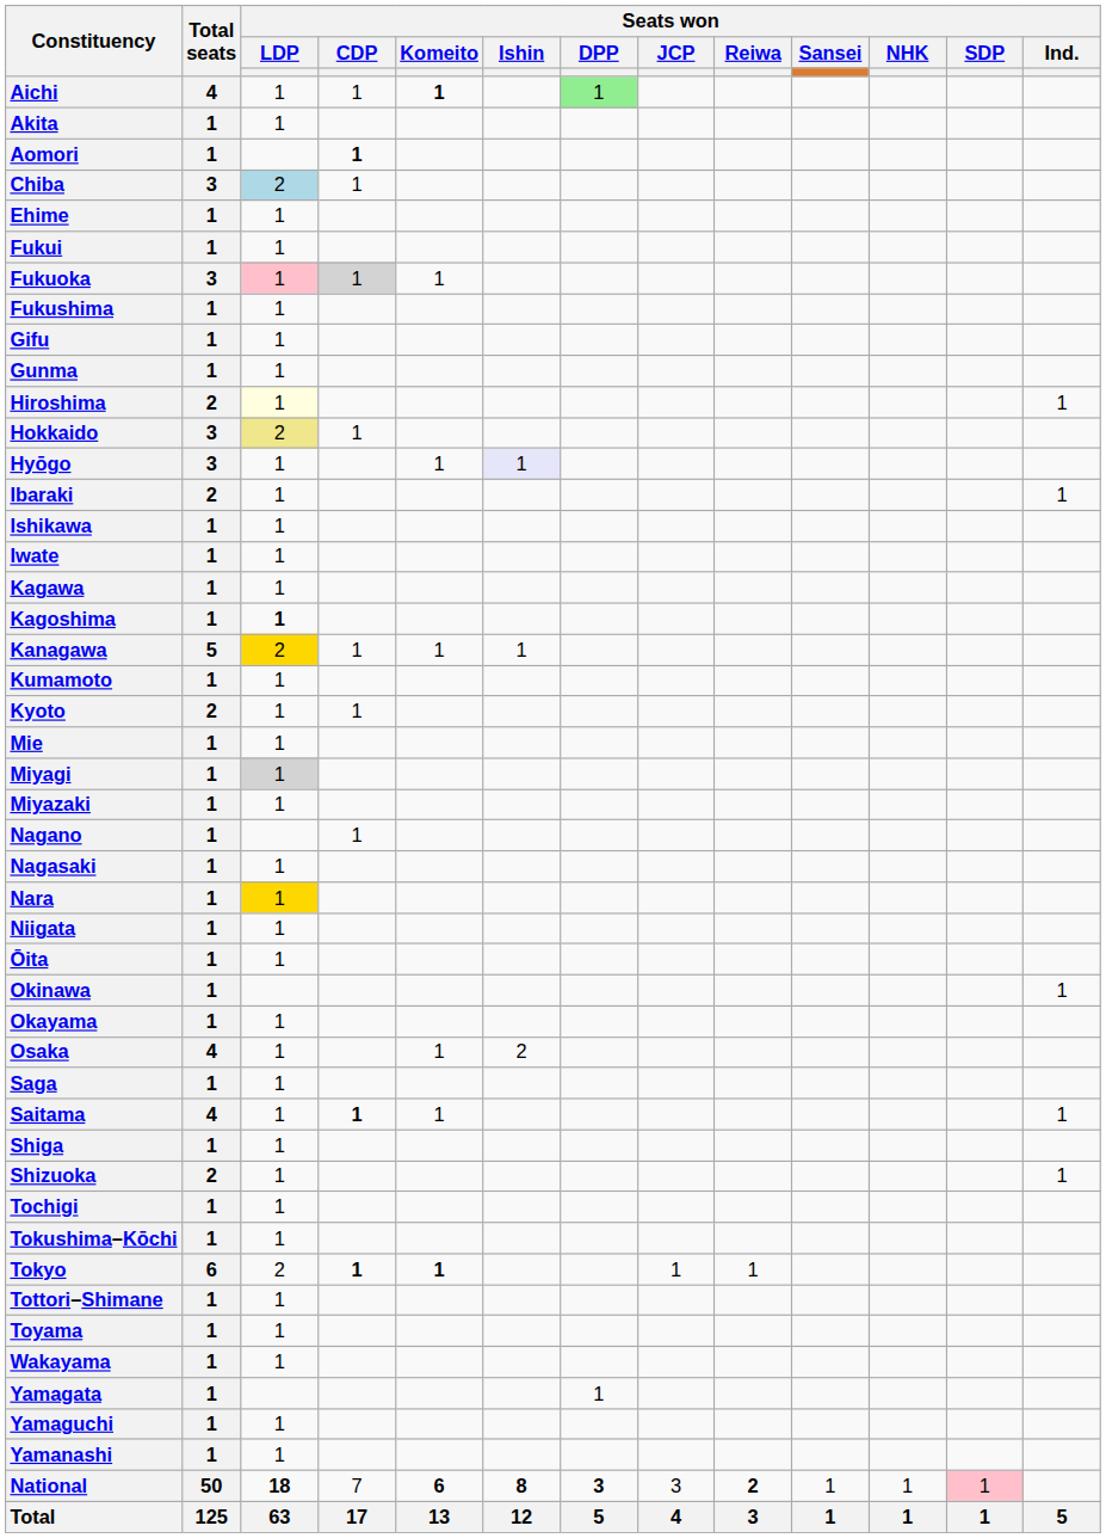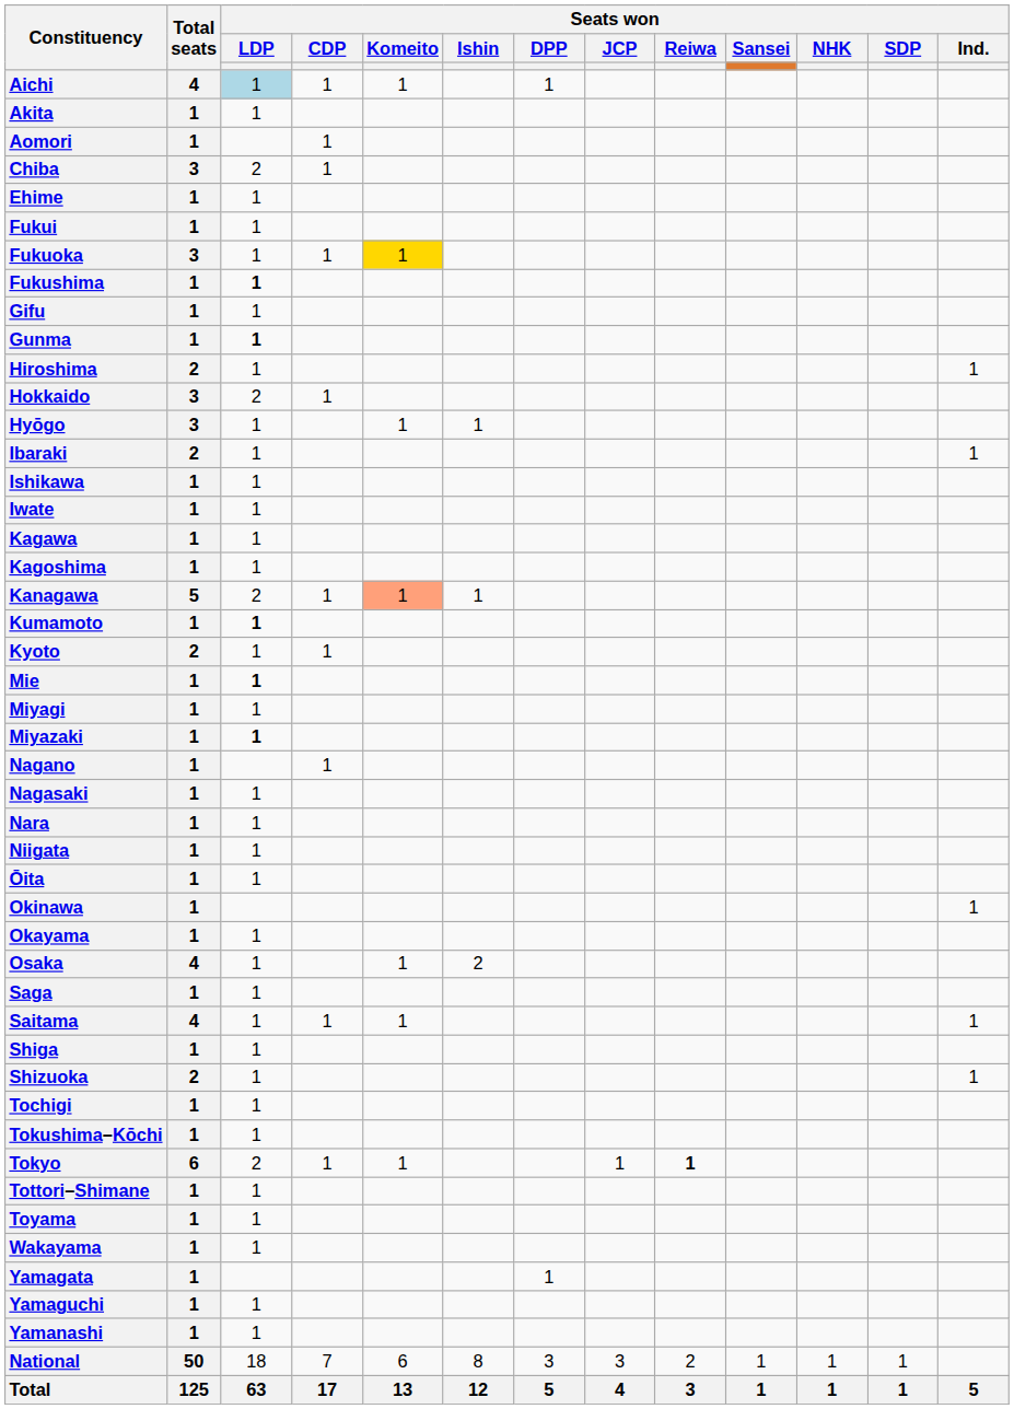 <table class="wikitable" style="text-align:center; font-size: 0.9em;">
 <tr>
 <th rowspan="3">Constituency</th>
 <th rowspan="3">Total<br>seats</th>
 <th colspan="11">Seats won</th>
 </tr>
 <tr>
 <th class="unsortable" style="width:50px;"><a href='#'>LDP</a></th>
 <th class="unsortable" style="width:50px;"><a href='#'>CDP</a></th>
 <th class="unsortable" style="width:50px;"><a href='#'>Komeito</a></th>
 <th class="unsortable" style="width:50px;"><a href='#'>Ishin</a></th>
 <th class="unsortable" style="width:50px;"><a href='#'>DPP</a></th>
 <th class="unsortable" style="width:50px;"><a href='#'>JCP</a></th>
 <th class="unsortable" style="width:50px;"><a href='#'>Reiwa</a></th>
 <th class="unsortable" style="width:50px;"><a href='#'>Sansei</a></th>
 <th class="unsortable" style="width:50px;"><a href='#'>NHK</a></th>
 <th class="unsortable" style="width:50px;"><a href='#'>SDP</a></th>
 <th class="unsortable" style="width:50px;">Ind.</th>
 </tr>
 <tr>
 <th style="background:"></th>
 <th style="background:"></th>
 <th style="background:"></th>
 <th style="background:"></th>
 <th style="background:"></th>
 <th style="background:"></th>
 <th style="background:"></th>
 <th style="background-color:#df792e"></th>
 <th style="background:"></th>
 <th style="background:"></th>
 <th style="background:"></th>
 </tr>
 <tr>
 <th style="text-align: left;"><a href='#'>Aichi</a></th>
 <th>4</th>
+<td style="background: lightblue;">1</td>
 <td>1</td>
 <td>1</td>
-<td><strong>1</strong></td>
 <td></td>
-<td style="background: lightgreen;">1</td>
+<td>1</td>
 <td></td>
 <td></td>
 <td></td>
 <td></td>
 <td></td>
 <td></td>
 </tr>
 <tr>
 <th style="text-align: left;"><a href='#'>Akita</a></th>
 <th>1</th>
 <td>1</td>
 <td></td>
 <td></td>
 <td></td>
 <td></td>
 <td></td>
 <td></td>
 <td></td>
 <td></td>
 <td></td>
 <td></td>
 </tr>
 <tr>
 <th style="text-align: left;"><a href='#'>Aomori</a></th>
 <th>1</th>
 <td></td>
-<td><strong>1</strong></td>
+<td>1</td>
 <td></td>
 <td></td>
 <td></td>
 <td></td>
 <td></td>
 <td></td>
 <td></td>
 <td></td>
 <td></td>
 </tr>
 <tr>
 <th style="text-align: left;"><a href='#'>Chiba</a></th>
 <th>3</th>
-<td style="background: lightblue;">2</td>
+<td>2</td>
 <td>1</td>
 <td></td>
 <td></td>
 <td></td>
 <td></td>
 <td></td>
 <td></td>
 <td></td>
 <td></td>
 <td></td>
 </tr>
 <tr>
 <th style="text-align: left;"><a href='#'>Ehime</a></th>
 <th>1</th>
 <td>1</td>
 <td></td>
 <td></td>
 <td></td>
 <td></td>
 <td></td>
 <td></td>
 <td></td>
 <td></td>
 <td></td>
 <td></td>
 </tr>
 <tr>
 <th style="text-align: left;"><a href='#'>Fukui</a></th>
 <th>1</th>
 <td>1</td>
 <td></td>
 <td></td>
 <td></td>
 <td></td>
 <td></td>
 <td></td>
 <td></td>
 <td></td>
 <td></td>
 <td></td>
 </tr>
 <tr>
 <th style="text-align: left;"><a href='#'>Fukuoka</a></th>
 <th>3</th>
-<td style="background: pink;">1</td>
-<td style="background: lightgrey;">1</td>
 <td>1</td>
+<td>1</td>
+<td style="background: gold;">1</td>
 <td></td>
 <td></td>
 <td></td>
 <td></td>
 <td></td>
 <td></td>
 <td></td>
 <td></td>
 </tr>
 <tr>
 <th style="text-align: left;"><a href='#'>Fukushima</a></th>
 <th>1</th>
-<td>1</td>
+<td><strong>1</strong></td>
 <td></td>
 <td></td>
 <td></td>
 <td></td>
 <td></td>
 <td></td>
 <td></td>
 <td></td>
 <td></td>
 <td></td>
 </tr>
 <tr>
 <th style="text-align: left;"><a href='#'>Gifu</a></th>
 <th>1</th>
 <td>1</td>
 <td></td>
 <td></td>
 <td></td>
 <td></td>
 <td></td>
 <td></td>
 <td></td>
 <td></td>
 <td></td>
 <td></td>
 </tr>
 <tr>
 <th style="text-align: left;"><a href='#'>Gunma</a></th>
 <th>1</th>
-<td>1</td>
+<td><strong>1</strong></td>
 <td></td>
 <td></td>
 <td></td>
 <td></td>
 <td></td>
 <td></td>
 <td></td>
 <td></td>
 <td></td>
 <td></td>
 </tr>
 <tr>
 <th style="text-align: left;"><a href='#'>Hiroshima</a></th>
 <th>2</th>
-<td style="background: lightyellow;">1</td>
+<td>1</td>
 <td></td>
 <td></td>
 <td></td>
 <td></td>
 <td></td>
 <td></td>
 <td></td>
 <td></td>
 <td></td>
 <td>1</td>
 </tr>
 <tr>
 <th style="text-align: left;"><a href='#'>Hokkaido</a></th>
 <th>3</th>
-<td style="background: khaki;">2</td>
+<td>2</td>
 <td>1</td>
 <td></td>
 <td></td>
 <td></td>
 <td></td>
 <td></td>
 <td></td>
 <td></td>
 <td></td>
 <td></td>
 </tr>
 <tr>
 <th style="text-align: left;"><a href='#'>Hyōgo</a></th>
 <th>3</th>
 <td>1</td>
 <td></td>
 <td>1</td>
-<td style="background: lavender;">1</td>
+<td>1</td>
 <td></td>
 <td></td>
 <td></td>
 <td></td>
 <td></td>
 <td></td>
 <td></td>
 </tr>
 <tr>
 <th style="text-align: left;"><a href='#'>Ibaraki</a></th>
 <th>2</th>
 <td>1</td>
 <td></td>
 <td></td>
 <td></td>
 <td></td>
 <td></td>
 <td></td>
 <td></td>
 <td></td>
 <td></td>
 <td>1</td>
 </tr>
 <tr>
 <th style="text-align: left;"><a href='#'>Ishikawa</a></th>
 <th>1</th>
 <td>1</td>
 <td></td>
 <td></td>
 <td></td>
 <td></td>
 <td></td>
 <td></td>
 <td></td>
 <td></td>
 <td></td>
 <td></td>
 </tr>
 <tr>
 <th style="text-align: left;"><a href='#'>Iwate</a></th>
 <th>1</th>
 <td>1</td>
 <td></td>
 <td></td>
 <td></td>
 <td></td>
 <td></td>
 <td></td>
 <td></td>
 <td></td>
 <td></td>
 <td></td>
 </tr>
 <tr>
 <th style="text-align: left;"><a href='#'>Kagawa</a></th>
 <th>1</th>
 <td>1</td>
 <td></td>
 <td></td>
 <td></td>
 <td></td>
 <td></td>
 <td></td>
 <td></td>
 <td></td>
 <td></td>
 <td></td>
 </tr>
 <tr>
 <th style="text-align: left;"><a href='#'>Kagoshima</a></th>
 <th>1</th>
-<td><strong>1</strong></td>
+<td>1</td>
 <td></td>
 <td></td>
 <td></td>
 <td></td>
 <td></td>
 <td></td>
 <td></td>
 <td></td>
 <td></td>
 <td></td>
 </tr>
 <tr>
 <th style="text-align: left;"><a href='#'>Kanagawa</a></th>
 <th>5</th>
-<td style="background: gold;">2</td>
+<td>2</td>
 <td>1</td>
-<td>1</td>
+<td style="background: lightsalmon;">1</td>
 <td>1</td>
 <td></td>
 <td></td>
 <td></td>
 <td></td>
 <td></td>
 <td></td>
 <td></td>
 </tr>
 <tr>
 <th style="text-align: left;"><a href='#'>Kumamoto</a></th>
 <th>1</th>
-<td>1</td>
+<td><strong>1</strong></td>
 <td></td>
 <td></td>
 <td></td>
 <td></td>
 <td></td>
 <td></td>
 <td></td>
 <td></td>
 <td></td>
 <td></td>
 </tr>
 <tr>
 <th style="text-align: left;"><a href='#'>Kyoto</a></th>
 <th>2</th>
 <td>1</td>
 <td>1</td>
 <td></td>
 <td></td>
 <td></td>
 <td></td>
 <td></td>
 <td></td>
 <td></td>
 <td></td>
 <td></td>
 </tr>
 <tr>
 <th style="text-align: left;"><a href='#'>Mie</a></th>
 <th>1</th>
-<td>1</td>
+<td><strong>1</strong></td>
 <td></td>
 <td></td>
 <td></td>
 <td></td>
 <td></td>
 <td></td>
 <td></td>
 <td></td>
 <td></td>
 <td></td>
 </tr>
 <tr>
 <th style="text-align: left;"><a href='#'>Miyagi</a></th>
 <th>1</th>
-<td style="background: lightgrey;">1</td>
+<td>1</td>
 <td></td>
 <td></td>
 <td></td>
 <td></td>
 <td></td>
 <td></td>
 <td></td>
 <td></td>
 <td></td>
 <td></td>
 </tr>
 <tr>
 <th style="text-align: left;"><a href='#'>Miyazaki</a></th>
 <th>1</th>
-<td>1</td>
+<td><strong>1</strong></td>
 <td></td>
 <td></td>
 <td></td>
 <td></td>
 <td></td>
 <td></td>
 <td></td>
 <td></td>
 <td></td>
 <td></td>
 </tr>
 <tr>
 <th style="text-align: left;"><a href='#'>Nagano</a></th>
 <th>1</th>
 <td></td>
 <td>1</td>
 <td></td>
 <td></td>
 <td></td>
 <td></td>
 <td></td>
 <td></td>
 <td></td>
 <td></td>
 <td></td>
 </tr>
 <tr>
 <th style="text-align: left;"><a href='#'>Nagasaki</a></th>
 <th>1</th>
 <td>1</td>
 <td></td>
 <td></td>
 <td></td>
 <td></td>
 <td></td>
 <td></td>
 <td></td>
 <td></td>
 <td></td>
 <td></td>
 </tr>
 <tr>
 <th style="text-align: left;"><a href='#'>Nara</a></th>
 <th>1</th>
-<td style="background: gold;">1</td>
+<td>1</td>
 <td></td>
 <td></td>
 <td></td>
 <td></td>
 <td></td>
 <td></td>
 <td></td>
 <td></td>
 <td></td>
 <td></td>
 </tr>
 <tr>
 <th style="text-align: left;"><a href='#'>Niigata</a></th>
 <th>1</th>
 <td>1</td>
 <td></td>
 <td></td>
 <td></td>
 <td></td>
 <td></td>
 <td></td>
 <td></td>
 <td></td>
 <td></td>
 <td></td>
 </tr>
 <tr>
 <th style="text-align: left;"><a href='#'>Ōita</a></th>
 <th>1</th>
 <td>1</td>
 <td></td>
 <td></td>
 <td></td>
 <td></td>
 <td></td>
 <td></td>
 <td></td>
 <td></td>
 <td></td>
 <td></td>
 </tr>
 <tr>
 <th style="text-align: left;"><a href='#'>Okinawa</a></th>
 <th>1</th>
 <td></td>
 <td></td>
 <td></td>
 <td></td>
 <td></td>
 <td></td>
 <td></td>
 <td></td>
 <td></td>
 <td></td>
 <td>1</td>
 </tr>
 <tr>
 <th style="text-align: left;"><a href='#'>Okayama</a></th>
 <th>1</th>
 <td>1</td>
 <td></td>
 <td></td>
 <td></td>
 <td></td>
 <td></td>
 <td></td>
 <td></td>
 <td></td>
 <td></td>
 <td></td>
 </tr>
 <tr>
 <th style="text-align: left;"><a href='#'>Osaka</a></th>
 <th>4</th>
 <td>1</td>
 <td></td>
 <td>1</td>
 <td>2</td>
 <td></td>
 <td></td>
 <td></td>
 <td></td>
 <td></td>
 <td></td>
 <td></td>
 </tr>
 <tr>
 <th style="text-align: left;"><a href='#'>Saga</a></th>
 <th>1</th>
 <td>1</td>
 <td></td>
 <td></td>
 <td></td>
 <td></td>
 <td></td>
 <td></td>
 <td></td>
 <td></td>
 <td></td>
 <td></td>
 </tr>
 <tr>
 <th style="text-align: left;"><a href='#'>Saitama</a></th>
 <th>4</th>
 <td>1</td>
-<td><strong>1</strong></td>
+<td>1</td>
 <td>1</td>
 <td></td>
 <td></td>
 <td></td>
 <td></td>
 <td></td>
 <td></td>
 <td></td>
 <td>1</td>
 </tr>
 <tr>
 <th style="text-align: left;"><a href='#'>Shiga</a></th>
 <th>1</th>
 <td>1</td>
 <td></td>
 <td></td>
 <td></td>
 <td></td>
 <td></td>
 <td></td>
 <td></td>
 <td></td>
 <td></td>
 <td></td>
 </tr>
 <tr>
 <th style="text-align: left;"><a href='#'>Shizuoka</a></th>
 <th>2</th>
 <td>1</td>
 <td></td>
 <td></td>
 <td></td>
 <td></td>
 <td></td>
 <td></td>
 <td></td>
 <td></td>
 <td></td>
 <td>1</td>
 </tr>
 <tr>
 <th style="text-align: left;"><a href='#'>Tochigi</a></th>
 <th>1</th>
 <td>1</td>
 <td></td>
 <td></td>
 <td></td>
 <td></td>
 <td></td>
 <td></td>
 <td></td>
 <td></td>
 <td></td>
 <td></td>
 </tr>
 <tr>
 <th style="text-align: left;"><a href='#'>Tokushima</a>–<a href='#'>Kōchi</a></th>
 <th>1</th>
 <td>1</td>
 <td></td>
 <td></td>
 <td></td>
 <td></td>
 <td></td>
 <td></td>
 <td></td>
 <td></td>
 <td></td>
 <td></td>
 </tr>
 <tr>
 <th style="text-align: left;"><a href='#'>Tokyo</a></th>
 <th>6</th>
 <td>2</td>
-<td><strong>1</strong></td>
-<td><strong>1</strong></td>
+<td>1</td>
+<td>1</td>
 <td></td>
 <td></td>
 <td>1</td>
-<td>1</td>
+<td><strong>1</strong></td>
 <td></td>
 <td></td>
 <td></td>
 <td></td>
 </tr>
 <tr>
 <th style="text-align: left;"><a href='#'>Tottori</a>–<a href='#'>Shimane</a></th>
 <th>1</th>
 <td>1</td>
 <td></td>
 <td></td>
 <td></td>
 <td></td>
 <td></td>
 <td></td>
 <td></td>
 <td></td>
 <td></td>
 <td></td>
 </tr>
 <tr>
 <th style="text-align: left;"><a href='#'>Toyama</a></th>
 <th>1</th>
 <td>1</td>
 <td></td>
 <td></td>
 <td></td>
 <td></td>
 <td></td>
 <td></td>
 <td></td>
 <td></td>
 <td></td>
 <td></td>
 </tr>
 <tr>
 <th style="text-align: left;"><a href='#'>Wakayama</a></th>
 <th>1</th>
 <td>1</td>
 <td></td>
 <td></td>
 <td></td>
 <td></td>
 <td></td>
 <td></td>
 <td></td>
 <td></td>
 <td></td>
 <td></td>
 </tr>
 <tr>
 <th style="text-align: left;"><a href='#'>Yamagata</a></th>
 <th>1</th>
 <td></td>
 <td></td>
 <td></td>
 <td></td>
 <td>1</td>
 <td></td>
 <td></td>
 <td></td>
 <td></td>
 <td></td>
 <td></td>
 </tr>
 <tr>
 <th style="text-align: left;"><a href='#'>Yamaguchi</a></th>
 <th>1</th>
 <td>1</td>
 <td></td>
 <td></td>
 <td></td>
 <td></td>
 <td></td>
 <td></td>
 <td></td>
 <td></td>
 <td></td>
 <td></td>
 </tr>
 <tr>
 <th style="text-align: left;"><a href='#'>Yamanashi</a></th>
 <th>1</th>
 <td>1</td>
 <td></td>
 <td></td>
 <td></td>
 <td></td>
 <td></td>
 <td></td>
 <td></td>
 <td></td>
 <td></td>
 <td></td>
 </tr>
 <tr>
 <th style="text-align: left;"><a href='#'>National</a></th>
 <th>50</th>
-<td><strong>18</strong></td>
+<td>18</td>
 <td>7</td>
-<td><strong>6</strong></td>
-<td><strong>8</strong></td>
-<td><strong>3</strong></td>
+<td>6</td>
+<td>8</td>
 <td>3</td>
-<td><strong>2</strong></td>
+<td>3</td>
+<td>2</td>
 <td>1</td>
 <td>1</td>
-<td style="background: pink;">1</td>
+<td>1</td>
 <td></td>
 </tr>
 <tr class="sortbottom">
 <th style="text-align: left;">Total</th>
 <th>125</th>
 <th>63</th>
 <th>17</th>
 <th>13</th>
 <th>12</th>
 <th>5</th>
 <th>4</th>
 <th>3</th>
 <th>1</th>
 <th>1</th>
 <th>1</th>
 <th>5</th>
 </tr>
 </table>
